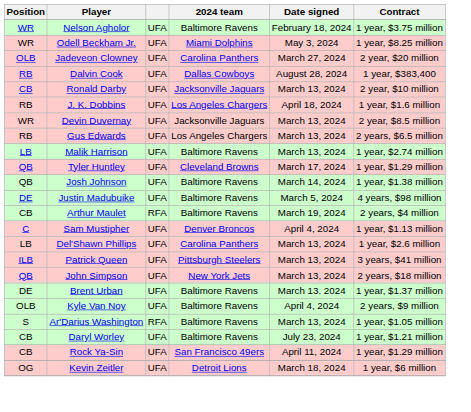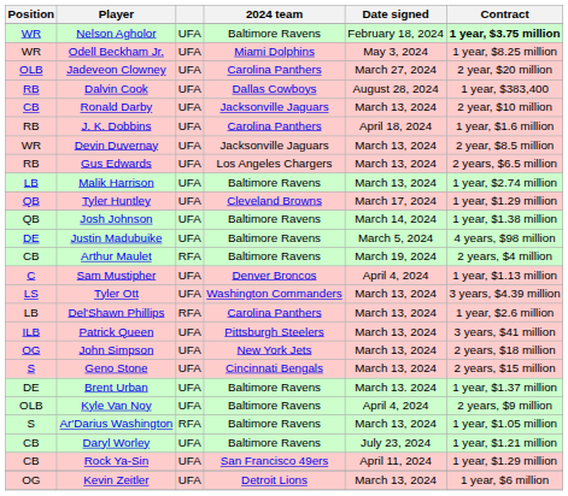 <table class="wikitable" style="text-align:center">
 <tr>
 <th>Position</th>
 <th>Player</th>
 <th></th>
 <th>2024 team</th>
 <th>Date signed</th>
 <th>Contract</th>
 </tr>
 <tr>
 </tr>
 <tr style="background:#cfc;">
 <td><a href='#'>WR</a></td>
 <td><a href='#'>Nelson Agholor</a></td>
 <td>UFA</td>
 <td>Baltimore Ravens</td>
 <td>February 18, 2024</td>
-<td>1 year, $3.75 million</td>
+<td><strong>1 year, $3.75 million</strong></td>
 </tr>
 <tr style="background:#fcc;">
 <td>WR</td>
 <td><a href='#'>Odell Beckham Jr.</a></td>
 <td>UFA</td>
 <td><a href='#'>Miami Dolphins</a></td>
 <td>May 3, 2024</td>
 <td>1 year, $8.25 million</td>
 </tr>
 <tr style="background:#fcc;">
 <td><a href='#'>OLB</a></td>
 <td><a href='#'>Jadeveon Clowney</a></td>
 <td>UFA</td>
 <td><a href='#'>Carolina Panthers</a></td>
 <td>March 27, 2024</td>
 <td>2 year, $20 million</td>
 </tr>
 <tr style="background:#fcc;">
 <td><a href='#'>RB</a></td>
 <td><a href='#'>Dalvin Cook</a></td>
 <td>UFA</td>
 <td><a href='#'>Dallas Cowboys</a></td>
 <td>August 28, 2024</td>
 <td>1 year, $383,400</td>
 </tr>
 <tr style="background:#fcc;">
 <td><a href='#'>CB</a></td>
 <td><a href='#'>Ronald Darby</a></td>
 <td>UFA</td>
 <td><a href='#'>Jacksonville Jaguars</a></td>
 <td>March 13, 2024</td>
 <td>2 year, $10 million</td>
 </tr>
 <tr style="background:#fcc;">
 <td>RB</td>
 <td><a href='#'>J. K. Dobbins</a></td>
 <td>UFA</td>
-<td><a href='#'>Los Angeles Chargers</a></td>
+<td><a href='#'>Carolina Panthers</a></td>
 <td>April 18, 2024</td>
 <td>1 year, $1.6 million</td>
 </tr>
 <tr style="background:#fcc;">
 <td>WR</td>
 <td><a href='#'>Devin Duvernay</a></td>
 <td>UFA</td>
 <td>Jacksonville Jaguars</td>
 <td>March 13, 2024</td>
 <td>2 year, $8.5 million</td>
 </tr>
 <tr style="background:#fcc;">
 <td>RB</td>
 <td><a href='#'>Gus Edwards</a></td>
 <td>UFA</td>
 <td>Los Angeles Chargers</td>
 <td>March 13, 2024</td>
 <td>2 years, $6.5 million</td>
 </tr>
 <tr style="background:#cfc;">
 <td><a href='#'>LB</a></td>
 <td><a href='#'>Malik Harrison</a></td>
 <td>UFA</td>
 <td>Baltimore Ravens</td>
 <td>March 13, 2024</td>
 <td>1 year, $2.74 million</td>
 </tr>
 <tr style="background:#fcc;">
 <td><a href='#'>QB</a></td>
 <td><a href='#'>Tyler Huntley</a></td>
 <td>UFA</td>
 <td><a href='#'>Cleveland Browns</a></td>
 <td>March 17, 2024</td>
 <td>1 year, $1.29 million</td>
 </tr>
 <tr style="background:#cfc;">
 <td>QB</td>
 <td><a href='#'>Josh Johnson</a></td>
 <td>UFA</td>
 <td>Baltimore Ravens</td>
 <td>March 14, 2024</td>
 <td>1 year, $1.38 million</td>
 </tr>
 <tr style="background:#cfc;">
 <td><a href='#'>DE</a></td>
 <td><a href='#'>Justin Madubuike</a></td>
 <td>UFA</td>
 <td>Baltimore Ravens</td>
 <td>March 5, 2024</td>
 <td>4 years, $98 million</td>
 </tr>
 <tr style="background:#cfc;">
 <td>CB</td>
 <td><a href='#'>Arthur Maulet</a></td>
 <td>RFA</td>
 <td>Baltimore Ravens</td>
 <td>March 19, 2024</td>
 <td>2 years, $4 million</td>
 </tr>
 <tr style="background:#fcc;">
 <td><a href='#'>C</a></td>
 <td><a href='#'>Sam Mustipher</a></td>
 <td>UFA</td>
 <td><a href='#'>Denver Broncos</a></td>
 <td>April 4, 2024</td>
 <td>1 year, $1.13 million</td>
 </tr>
 <tr style="background:#fcc;">
+<td><a href='#'>LS</a></td>
+<td><a href='#'>Tyler Ott</a></td>
+<td>UFA</td>
+<td><a href='#'>Washington Commanders</a></td>
+<td>March 13, 2024</td>
+<td>3 years, $4.39 million</td>
+</tr>
+<tr style="background:#fcc;">
 <td>LB</td>
 <td><a href='#'>Del'Shawn Phillips</a></td>
-<td>UFA</td>
+<td>RFA</td>
 <td><a href='#'>Carolina Panthers</a></td>
 <td>March 13, 2024</td>
 <td>1 year, $2.6 million</td>
 </tr>
 <tr style="background:#fcc;">
 <td><a href='#'>ILB</a></td>
 <td><a href='#'>Patrick Queen</a></td>
 <td>UFA</td>
 <td><a href='#'>Pittsburgh Steelers</a></td>
 <td>March 13, 2024</td>
 <td>3 years, $41 million</td>
 </tr>
 <tr style="background:#fcc;">
-<td><a href='#'>QB</a></td>
+<td><a href='#'>OG</a></td>
 <td><a href='#'>John Simpson</a></td>
 <td>UFA</td>
 <td><a href='#'>New York Jets</a></td>
 <td>March 13, 2024</td>
 <td>2 years, $18 million</td>
+</tr>
+<tr style="background:#fcc;">
+<td><a href='#'>S</a></td>
+<td><a href='#'>Geno Stone</a></td>
+<td>UFA</td>
+<td><a href='#'>Cincinnati Bengals</a></td>
+<td>March 13, 2024</td>
+<td>2 years, $15 million</td>
 </tr>
 <tr style="background:#cfc;">
 <td>DE</td>
 <td><a href='#'>Brent Urban</a></td>
 <td>UFA</td>
 <td>Baltimore Ravens</td>
 <td>March 13. 2024</td>
 <td>1 year, $1.37 million</td>
 </tr>
 <tr style="background:#cfc;">
 <td>OLB</td>
 <td><a href='#'>Kyle Van Noy</a></td>
 <td>UFA</td>
 <td>Baltimore Ravens</td>
 <td>April 4, 2024</td>
 <td>2 years, $9 million</td>
 </tr>
 <tr style="background:#cfc;">
 <td>S</td>
 <td><a href='#'>Ar'Darius Washington</a></td>
 <td>RFA</td>
 <td>Baltimore Ravens</td>
 <td>March 13, 2024</td>
 <td>1 year, $1.05 million</td>
 </tr>
 <tr style="background:#cfc;">
 <td>CB</td>
 <td><a href='#'>Daryl Worley</a></td>
 <td>UFA</td>
 <td>Baltimore Ravens</td>
 <td>July 23, 2024</td>
 <td>1 year, $1.21 million</td>
 </tr>
 <tr style="background:#fcc;">
 <td>CB</td>
 <td><a href='#'>Rock Ya-Sin</a></td>
 <td>UFA</td>
 <td><a href='#'>San Francisco 49ers</a></td>
 <td>April 11, 2024</td>
 <td>1 year, $1.29 million</td>
 </tr>
 <tr>
 </tr>
 <tr style="background:#fcc;">
 <td>OG</td>
 <td><a href='#'>Kevin Zeitler</a></td>
 <td>UFA</td>
 <td><a href='#'>Detroit Lions</a></td>
-<td>March 18, 2024</td>
+<td>March 13, 2024</td>
 <td>1 year, $6 million</td>
 </tr>
 <tr>
 </tr>
 </table>
